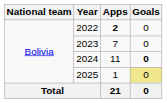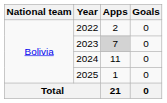 <table class="wikitable" style="text-align:center">
 <tr>
 <th>National team</th>
 <th>Year</th>
 <th>Apps</th>
 <th>Goals</th>
 </tr>
 <tr>
 <td rowspan="4"><a href='#'>Bolivia</a></td>
 <td>2022</td>
-<td><strong>2</strong></td>
+<td>2</td>
 <td>0</td>
 </tr>
 <tr>
 <td>2023</td>
-<td>7</td>
+<td style="background: lightgrey;">7</td>
 <td>0</td>
 </tr>
 <tr>
 <td>2024</td>
 <td>11</td>
-<td><strong>0</strong></td>
+<td>0</td>
 </tr>
 <tr>
 <td>2025</td>
 <td>1</td>
-<td style="background: khaki;">0</td>
+<td>0</td>
 </tr>
 <tr>
 <th colspan="2">Total</th>
 <th>21</th>
 <th>0</th>
 </tr>
 </table>
